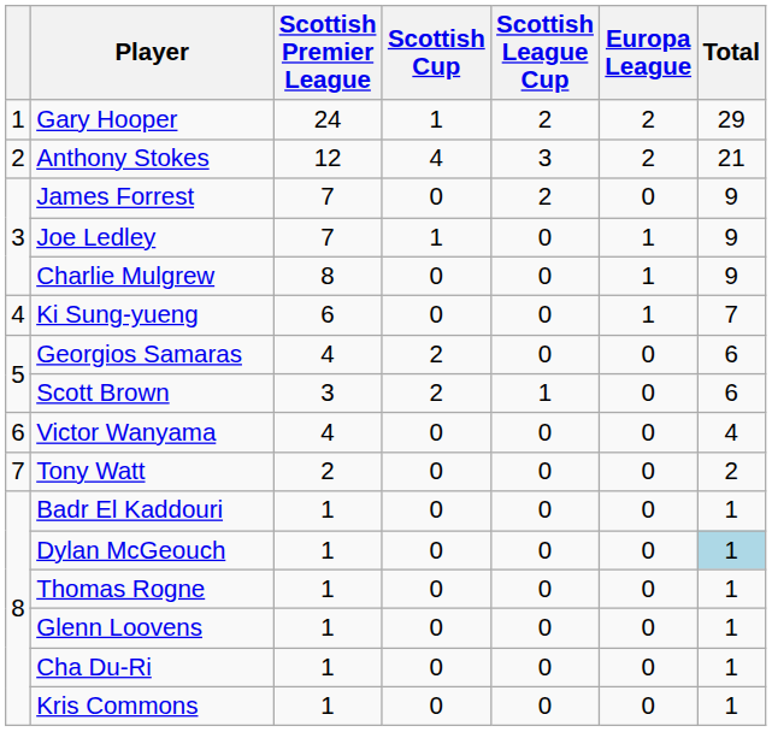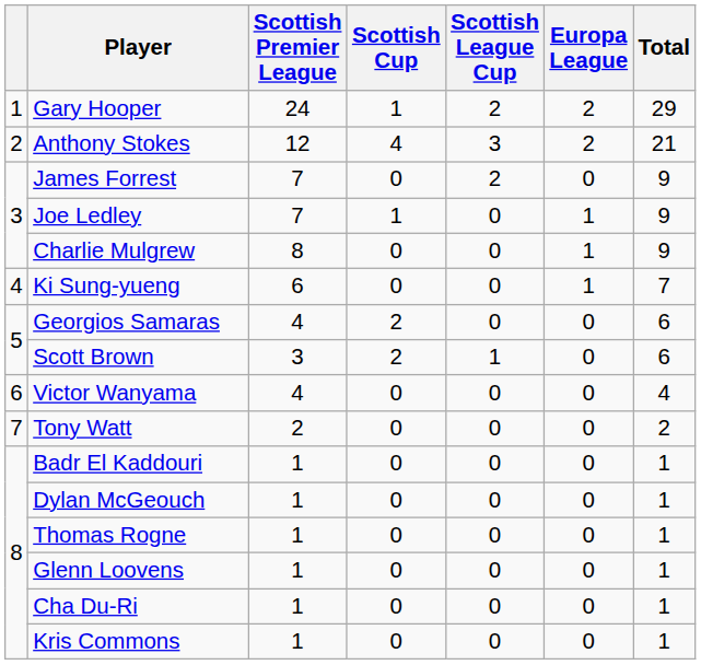 <table class="wikitable">
 <tr>
 <th></th>
 <th width="150">Player</th>
 <th><a href='#'>Scottish<br>Premier<br>League</a><br></th>
 <th><a href='#'>Scottish<br>Cup</a></th>
 <th><a href='#'>Scottish<br>League<br>Cup</a></th>
 <th><a href='#'>Europa<br>League</a></th>
 <th>Total</th>
 </tr>
 <tr>
 <td align=center rowspan=1>1</td>
 <td> <a href='#'>Gary Hooper</a></td>
 <td align=center>24</td>
 <td align=center>1</td>
 <td align=center>2</td>
 <td align=center>2</td>
 <td align=center>29</td>
 </tr>
 <tr>
 <td align=center rowspan=1>2</td>
 <td> <a href='#'>Anthony Stokes</a></td>
 <td align=center>12</td>
 <td align=center>4</td>
 <td align=center>3</td>
 <td align=center>2</td>
 <td align=center>21</td>
 </tr>
 <tr>
 <td align=center rowspan=3>3</td>
 <td> <a href='#'>James Forrest</a></td>
 <td align=center>7</td>
 <td align=center>0</td>
 <td align=center>2</td>
 <td align=center>0</td>
 <td align=center>9</td>
 </tr>
 <tr>
 <td> <a href='#'>Joe Ledley</a></td>
 <td align=center>7</td>
 <td align=center>1</td>
 <td align=center>0</td>
 <td align=center>1</td>
 <td align=center>9</td>
 </tr>
 <tr>
 <td> <a href='#'>Charlie Mulgrew</a></td>
 <td align=center>8</td>
 <td align=center>0</td>
 <td align=center>0</td>
 <td align=center>1</td>
 <td align=center>9</td>
 </tr>
 <tr>
 <td align=center rowspan=1>4</td>
 <td> <a href='#'>Ki Sung-yueng</a></td>
 <td align=center>6</td>
 <td align=center>0</td>
 <td align=center>0</td>
 <td align=center>1</td>
 <td align=center>7</td>
 </tr>
 <tr>
 <td align=center rowspan=2>5</td>
 <td> <a href='#'>Georgios Samaras</a></td>
 <td align=center>4</td>
 <td align=center>2</td>
 <td align=center>0</td>
 <td align=center>0</td>
 <td align=center>6</td>
 </tr>
 <tr>
 <td> <a href='#'>Scott Brown</a></td>
 <td align=center>3</td>
 <td align=center>2</td>
 <td align=center>1</td>
 <td align=center>0</td>
 <td align=center>6</td>
 </tr>
 <tr>
 <td align=center rowspan=1>6</td>
 <td> <a href='#'>Victor Wanyama</a></td>
 <td align=center>4</td>
 <td align=center>0</td>
 <td align=center>0</td>
 <td align=center>0</td>
 <td align=center>4</td>
 </tr>
 <tr>
 <td align=center rowspan=1>7</td>
 <td> <a href='#'>Tony Watt</a></td>
 <td align=center>2</td>
 <td align=center>0</td>
 <td align=center>0</td>
 <td align=center>0</td>
 <td align=center>2</td>
 </tr>
 <tr>
 <td align=center rowspan=6>8</td>
 <td> <a href='#'>Badr El Kaddouri</a></td>
 <td align=center>1</td>
 <td align=center>0</td>
 <td align=center>0</td>
 <td align=center>0</td>
 <td align=center>1</td>
 </tr>
 <tr>
 <td> <a href='#'>Dylan McGeouch</a></td>
 <td align=center>1</td>
 <td align=center>0</td>
 <td align=center>0</td>
 <td align=center>0</td>
-<td align=center style="background: lightblue;">1</td>
+<td align=center>1</td>
 </tr>
 <tr>
 <td> <a href='#'>Thomas Rogne</a></td>
 <td align=center>1</td>
 <td align=center>0</td>
 <td align=center>0</td>
 <td align=center>0</td>
 <td align=center>1</td>
 </tr>
 <tr>
 <td> <a href='#'>Glenn Loovens</a></td>
 <td align=center>1</td>
 <td align=center>0</td>
 <td align=center>0</td>
 <td align=center>0</td>
 <td align=center>1</td>
 </tr>
 <tr>
 <td> <a href='#'>Cha Du-Ri</a></td>
 <td align=center>1</td>
 <td align=center>0</td>
 <td align=center>0</td>
 <td align=center>0</td>
 <td align=center>1</td>
 </tr>
 <tr>
 <td> <a href='#'>Kris Commons</a></td>
 <td align=center>1</td>
 <td align=center>0</td>
 <td align=center>0</td>
 <td align=center>0</td>
 <td align=center>1</td>
 </tr>
 </table>
